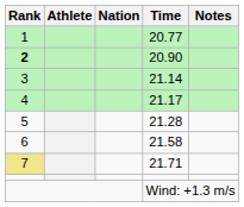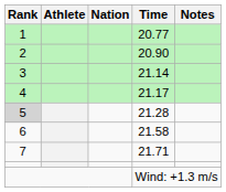 <table class="wikitable plainrowheaders sortable" style="text-align:center;">
 <tr>
 <th scope=col>Rank</th>
 <th scope=col>Athlete</th>
 <th scope=col>Nation</th>
 <th scope=col>Time</th>
 <th scope=col>Notes</th>
 </tr>
 <tr bgcolor=#bbf3bb>
 <td>1</td>
 <th scope=row style="background:#bbf3bb; text-align:left;"></th>
 <td align=left></td>
 <td>20.77</td>
 <td></td>
 </tr>
 <tr bgcolor=#bbf3bb>
-<td><strong>2</strong></td>
+<td>2</td>
 <th scope=row style="background:#bbf3bb; text-align:left;"></th>
 <td align=left></td>
 <td>20.90</td>
 <td></td>
 </tr>
 <tr bgcolor=#bbf3bb>
 <td>3</td>
 <th scope=row style="background:#bbf3bb; text-align:left;"></th>
 <td align=left></td>
 <td>21.14</td>
 <td></td>
 </tr>
 <tr bgcolor=#bbf3bb>
 <td>4</td>
 <th scope=row style="background:#bbf3bb; text-align:left;"></th>
 <td align=left></td>
 <td>21.17</td>
 <td></td>
 </tr>
 <tr>
-<td>5</td>
+<td style="background: lightgrey;">5</td>
 <th scope=row style=text-align:left;></th>
 <td align=left></td>
 <td>21.28</td>
 <td></td>
 </tr>
 <tr>
 <td>6</td>
 <th scope=row style=text-align:left;></th>
 <td align=left></td>
 <td>21.58</td>
 <td></td>
 </tr>
 <tr>
-<td style="background: khaki;">7</td>
+<td>7</td>
 <th scope=row style=text-align:left;></th>
 <td align=left></td>
 <td>21.71</td>
 <td></td>
 </tr>
 <tr>
 <td></td>
 <th scope=row style=text-align:left;></th>
 <td align=left></td>
 <td></td>
 <td></td>
 </tr>
 <tr class=sortbottom>
 <td colspan=3></td>
 <td colspan=2 style=text-align:left;>Wind: +1.3 m/s</td>
 </tr>
 </table>
